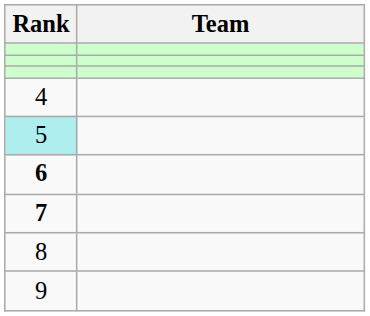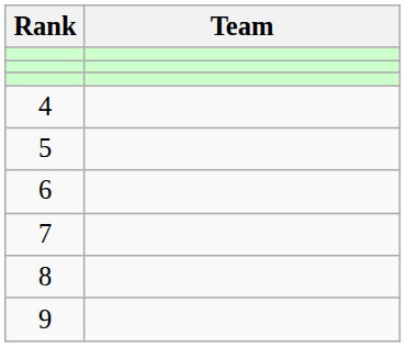 <table class="wikitable" style="text-align: center;">
 <tr>
 <th width=40>Rank</th>
 <th width=180>Team</th>
 </tr>
 <tr bgcolor=#ccffcc align=center>
 <td></td>
 <td style="text-align:left;"></td>
 </tr>
 <tr bgcolor=#ccffcc align=center>
 <td></td>
 <td style="text-align:left;"></td>
 </tr>
 <tr bgcolor=#ccffcc align=center>
 <td></td>
 <td style="text-align:left;"></td>
 </tr>
 <tr align=center>
 <td>4</td>
 <td style="text-align:left;"></td>
 </tr>
 <tr align=center>
-<td style="background: paleturquoise;">5</td>
+<td>5</td>
 <td style="text-align:left;"></td>
 </tr>
 <tr align=center>
-<td><strong>6</strong></td>
+<td>6</td>
 <td style="text-align:left;"></td>
 </tr>
 <tr align=center>
-<td><strong>7</strong></td>
+<td>7</td>
 <td style="text-align:left;"></td>
 </tr>
 <tr align=center>
 <td>8</td>
 <td style="text-align:left;"></td>
 </tr>
 <tr align=center>
 <td>9</td>
 <td style="text-align:left;"></td>
 </tr>
 </table>
